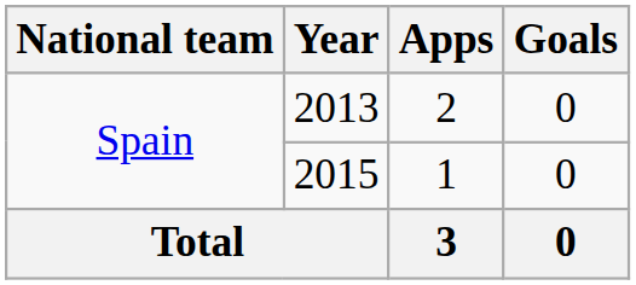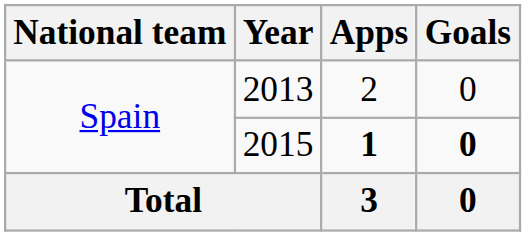 <table class=wikitable style=text-align:center>
 <tr>
 <th>National team</th>
 <th>Year</th>
 <th>Apps</th>
 <th>Goals</th>
 </tr>
 <tr>
 <td rowspan="2"><a href='#'>Spain</a></td>
 <td>2013</td>
 <td>2</td>
 <td>0</td>
 </tr>
 <tr>
 <td>2015</td>
-<td>1</td>
-<td>0</td>
+<td><strong>1</strong></td>
+<td><strong>0</strong></td>
 </tr>
 <tr>
 <th colspan="2">Total</th>
 <th>3</th>
 <th>0</th>
 </tr>
 </table>
